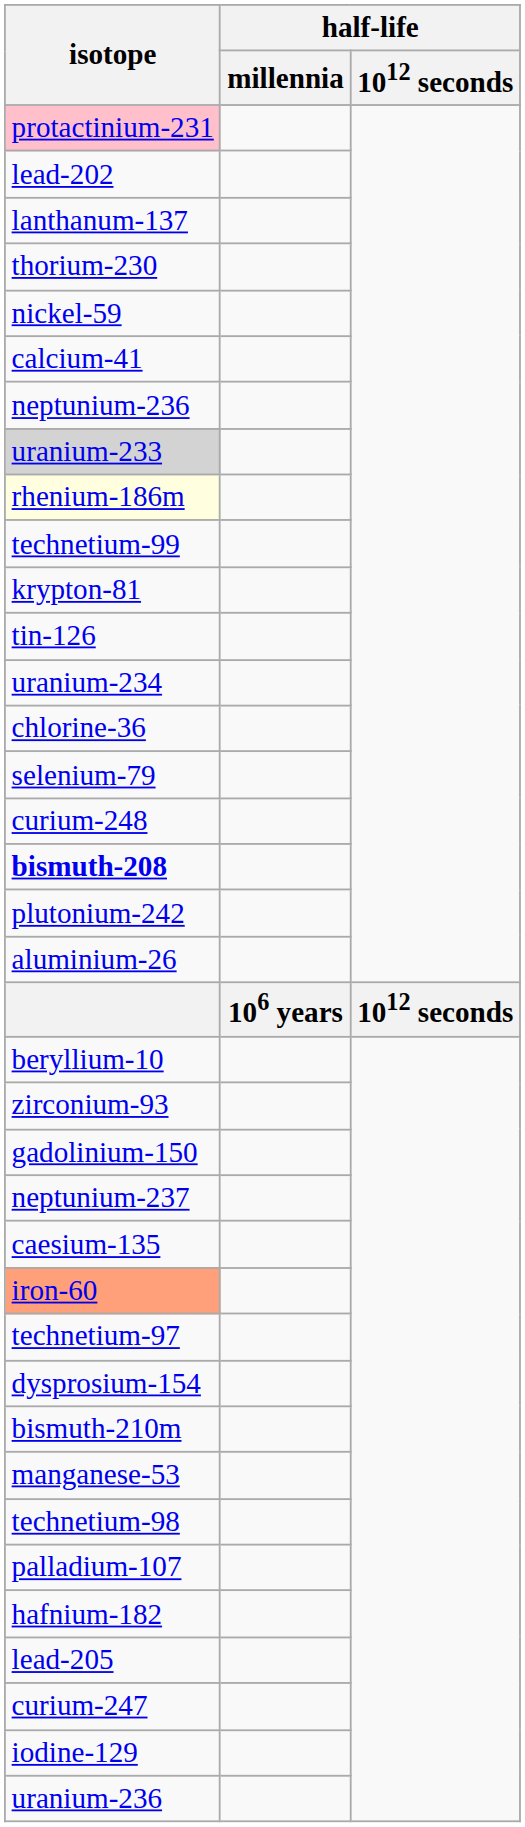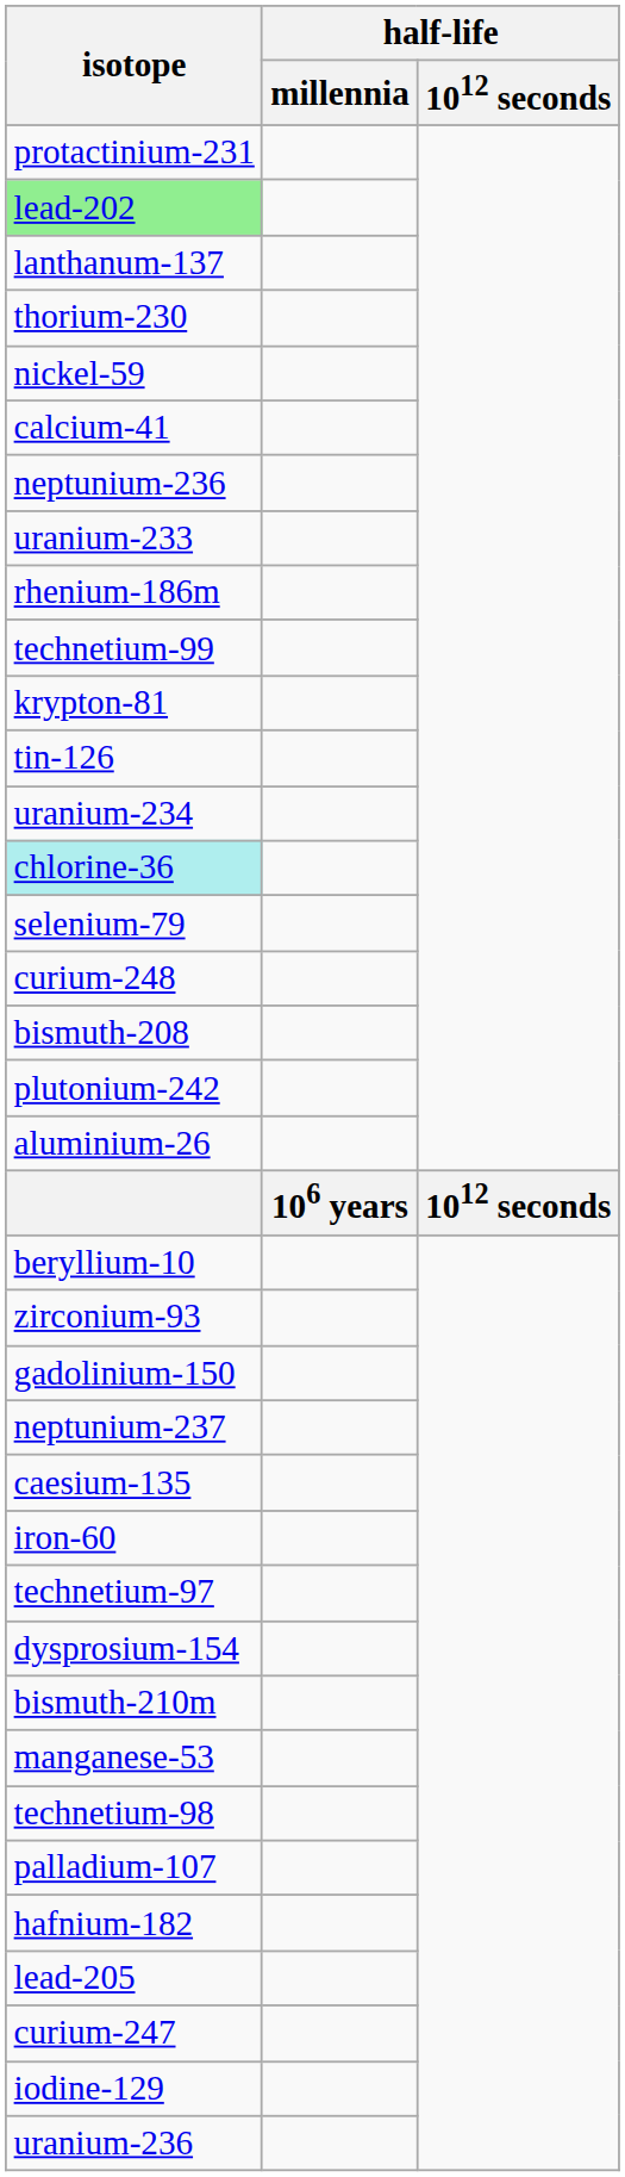 <table class="wikitable sortable">
 <tr>
 <th rowspan=2>isotope</th>
 <th colspan=2>half-life</th>
 </tr>
 <tr>
 <th class=unsortable>millennia</th>
 <th class=unsortable>10<sup>12</sup> seconds</th>
 </tr>
 <tr>
-<td style="background: pink;"><a href='#'>protactinium-231</a></td>
+<td><a href='#'>protactinium-231</a></td>
 <td></td>
 </tr>
 <tr>
-<td><a href='#'>lead-202</a></td>
+<td style="background: lightgreen;"><a href='#'>lead-202</a></td>
 <td></td>
 </tr>
 <tr>
 <td><a href='#'>lanthanum-137</a></td>
 <td></td>
 </tr>
 <tr>
 <td><a href='#'>thorium-230</a></td>
 <td></td>
 </tr>
 <tr>
 <td><a href='#'>nickel-59</a></td>
 <td></td>
 </tr>
 <tr>
 <td><a href='#'>calcium-41</a></td>
 <td></td>
 </tr>
 <tr>
 <td><a href='#'>neptunium-236</a></td>
 <td></td>
 </tr>
 <tr>
-<td style="background: lightgrey;"><a href='#'>uranium-233</a></td>
+<td><a href='#'>uranium-233</a></td>
 <td></td>
 </tr>
 <tr>
-<td style="background: lightyellow;"><a href='#'>rhenium-186m</a></td>
+<td><a href='#'>rhenium-186m</a></td>
 <td></td>
 </tr>
 <tr>
 <td><a href='#'>technetium-99</a></td>
 <td></td>
 </tr>
 <tr>
 <td><a href='#'>krypton-81</a></td>
 <td></td>
 </tr>
 <tr>
 <td><a href='#'>tin-126</a></td>
 <td></td>
 </tr>
 <tr>
 <td><a href='#'>uranium-234</a></td>
 <td></td>
 </tr>
 <tr>
-<td><a href='#'>chlorine-36</a></td>
+<td style="background: paleturquoise;"><a href='#'>chlorine-36</a></td>
 <td></td>
 </tr>
 <tr>
 <td><a href='#'>selenium-79</a></td>
 <td></td>
 </tr>
 <tr>
 <td><a href='#'>curium-248</a></td>
 <td></td>
 </tr>
 <tr>
-<td><strong><a href='#'>bismuth-208</a></strong></td>
+<td><a href='#'>bismuth-208</a></td>
 <td></td>
 </tr>
 <tr>
 <td><a href='#'>plutonium-242</a></td>
 <td></td>
 </tr>
 <tr>
 <td><a href='#'>aluminium-26</a></td>
 <td></td>
 </tr>
 <tr>
 <th></th>
 <th class=unsortable>10<sup>6</sup> years</th>
 <th class=unsortable>10<sup>12</sup> seconds</th>
 </tr>
 <tr>
 <td><a href='#'>beryllium-10</a></td>
 <td></td>
 </tr>
 <tr>
 <td><a href='#'>zirconium-93</a></td>
 <td></td>
 </tr>
 <tr>
 <td><a href='#'>gadolinium-150</a></td>
 <td></td>
 </tr>
 <tr>
 <td><a href='#'>neptunium-237</a></td>
 <td></td>
 </tr>
 <tr>
 <td><a href='#'>caesium-135</a></td>
 <td></td>
 </tr>
 <tr>
-<td style="background: lightsalmon;"><a href='#'>iron-60</a></td>
+<td><a href='#'>iron-60</a></td>
 <td></td>
 </tr>
 <tr>
 <td><a href='#'>technetium-97</a></td>
 <td></td>
 </tr>
 <tr>
 <td><a href='#'>dysprosium-154</a></td>
 <td></td>
 </tr>
 <tr>
 <td><a href='#'>bismuth-210m</a></td>
 <td></td>
 </tr>
 <tr>
 <td><a href='#'>manganese-53</a></td>
 <td></td>
 </tr>
 <tr>
 <td><a href='#'>technetium-98</a></td>
 <td></td>
 </tr>
 <tr>
 <td><a href='#'>palladium-107</a></td>
 <td></td>
 </tr>
 <tr>
 <td><a href='#'>hafnium-182</a></td>
 <td></td>
 </tr>
 <tr>
 <td><a href='#'>lead-205</a></td>
 <td></td>
 </tr>
 <tr>
 <td><a href='#'>curium-247</a></td>
 <td></td>
 </tr>
 <tr>
 <td><a href='#'>iodine-129</a></td>
 <td></td>
 </tr>
 <tr>
 <td><a href='#'>uranium-236</a></td>
 <td></td>
 </tr>
 </table>
